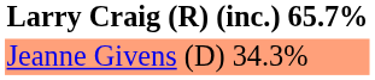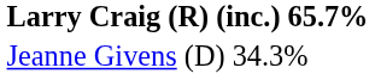 <table>
 <tr>
 <td><strong>Larry Craig (R) (inc.) 65.7%</strong></td>
 </tr>
 <tr>
-<td style="background: lightsalmon;"><a href='#'>Jeanne Givens</a> (D) 34.3%</td>
+<td><a href='#'>Jeanne Givens</a> (D) 34.3%</td>
 </tr>
 </table>
